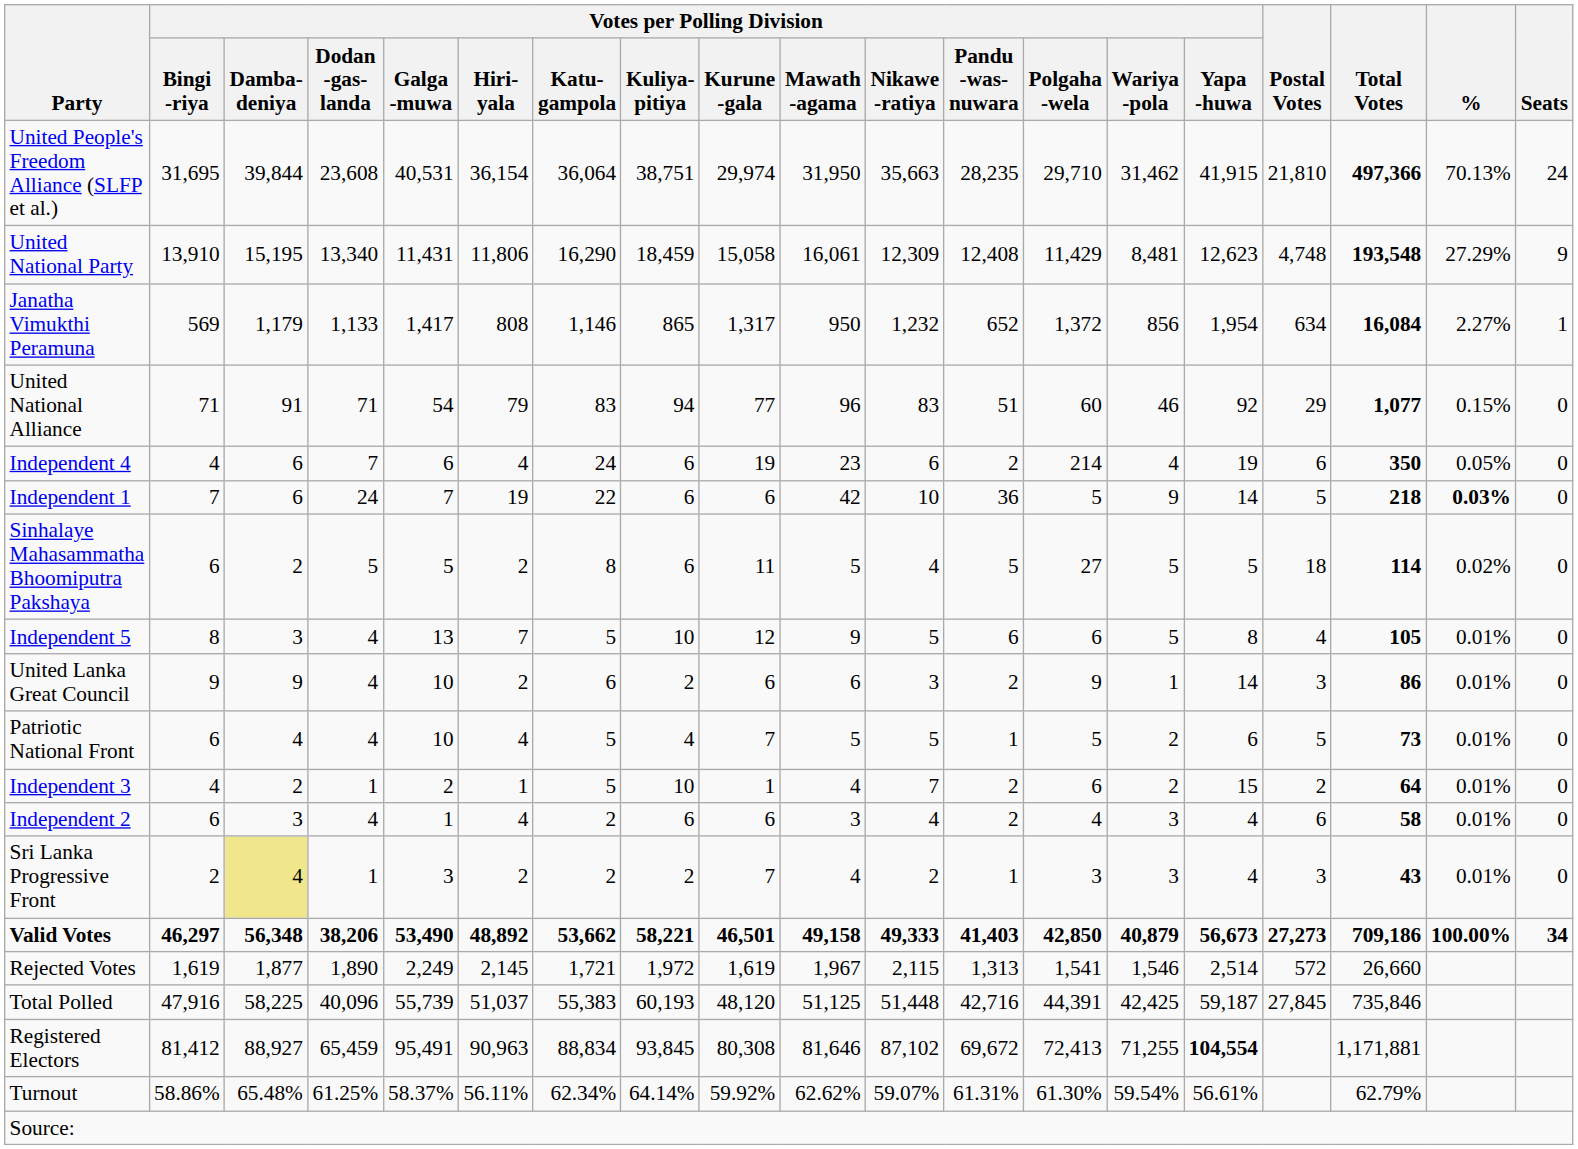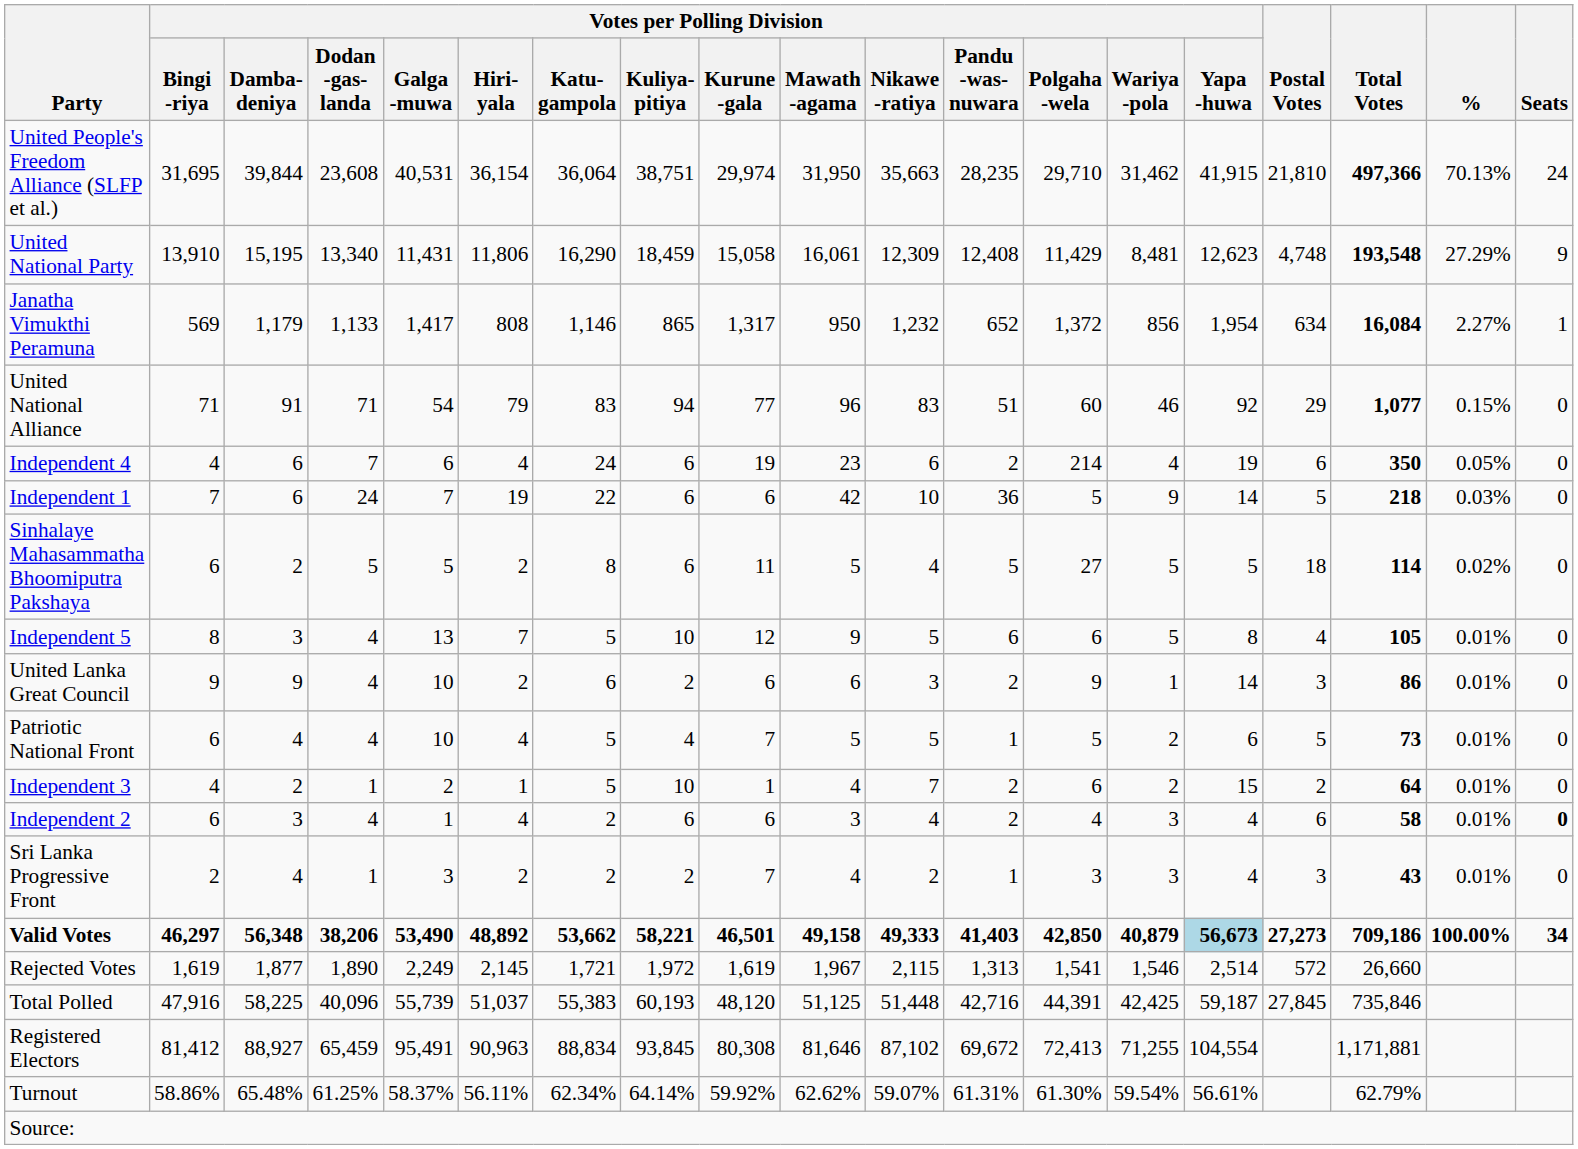 <table class="wikitable" border="1" style="text-align:right;">
 <tr>
 <th align=left valign=bottom rowspan=2 width="180">Party</th>
 <th colspan=14>Votes per Polling Division</th>
 <th align=center valign=bottom rowspan=2 width="50">Postal<br>Votes</th>
 <th align=center valign=bottom rowspan=2 width="50">Total Votes</th>
 <th align=center valign=bottom rowspan=2 width="50">%</th>
 <th align=center valign=bottom rowspan=2 width="40">Seats</th>
 </tr>
 <tr>
 <th align=center valign=bottom width="50">Bingi<br>-riya</th>
 <th align=center valign=bottom width="50">Damba-<br>deniya</th>
 <th align=center valign=bottom width="50">Dodan<br>-gas-<br>landa</th>
 <th align=center valign=bottom width="50">Galga<br>-muwa</th>
 <th align=center valign=bottom width="50">Hiri-<br>yala</th>
 <th align=center valign=bottom width="50">Katu-<br>gampola</th>
 <th align=center valign=bottom width="50">Kuliya-<br>pitiya</th>
 <th align=center valign=bottom width="50">Kurune<br>-gala</th>
 <th align=center valign=bottom width="50">Mawath<br>-agama</th>
 <th align=center valign=bottom width="50">Nikawe<br>-ratiya</th>
 <th align=center valign=bottom width="50">Pandu<br>-was-<br>nuwara</th>
 <th align=center valign=bottom width="50">Polgaha<br>-wela</th>
 <th align=center valign=bottom width="50">Wariya<br>-pola</th>
 <th align=center valign=bottom width="50">Yapa<br>-huwa</th>
 </tr>
 <tr>
 <td align=left><a href='#'>United People's Freedom Alliance</a> (<a href='#'>SLFP</a> et al.)</td>
 <td>31,695</td>
 <td>39,844</td>
 <td>23,608</td>
 <td>40,531</td>
 <td>36,154</td>
 <td>36,064</td>
 <td>38,751</td>
 <td>29,974</td>
 <td>31,950</td>
 <td>35,663</td>
 <td>28,235</td>
 <td>29,710</td>
 <td>31,462</td>
 <td>41,915</td>
 <td>21,810</td>
 <td><strong>497,366</strong></td>
 <td>70.13%</td>
 <td>24</td>
 </tr>
 <tr>
 <td align=left><a href='#'>United National Party</a></td>
 <td>13,910</td>
 <td>15,195</td>
 <td>13,340</td>
 <td>11,431</td>
 <td>11,806</td>
 <td>16,290</td>
 <td>18,459</td>
 <td>15,058</td>
 <td>16,061</td>
 <td>12,309</td>
 <td>12,408</td>
 <td>11,429</td>
 <td>8,481</td>
 <td>12,623</td>
 <td>4,748</td>
 <td><strong>193,548</strong></td>
 <td>27.29%</td>
 <td>9</td>
 </tr>
 <tr>
 <td align=left><a href='#'>Janatha Vimukthi Peramuna</a></td>
 <td>569</td>
 <td>1,179</td>
 <td>1,133</td>
 <td>1,417</td>
 <td>808</td>
 <td>1,146</td>
 <td>865</td>
 <td>1,317</td>
 <td>950</td>
 <td>1,232</td>
 <td>652</td>
 <td>1,372</td>
 <td>856</td>
 <td>1,954</td>
 <td>634</td>
 <td><strong>16,084</strong></td>
 <td>2.27%</td>
 <td>1</td>
 </tr>
 <tr>
 <td align=left>United National Alliance</td>
 <td>71</td>
 <td>91</td>
 <td>71</td>
 <td>54</td>
 <td>79</td>
 <td>83</td>
 <td>94</td>
 <td>77</td>
 <td>96</td>
 <td>83</td>
 <td>51</td>
 <td>60</td>
 <td>46</td>
 <td>92</td>
 <td>29</td>
 <td><strong>1,077</strong></td>
 <td>0.15%</td>
 <td>0</td>
 </tr>
 <tr>
 <td align=left><a href='#'>Independent 4</a></td>
 <td>4</td>
 <td>6</td>
 <td>7</td>
 <td>6</td>
 <td>4</td>
 <td>24</td>
 <td>6</td>
 <td>19</td>
 <td>23</td>
 <td>6</td>
 <td>2</td>
 <td>214</td>
 <td>4</td>
 <td>19</td>
 <td>6</td>
 <td><strong>350</strong></td>
 <td>0.05%</td>
 <td>0</td>
 </tr>
 <tr>
 <td align=left><a href='#'>Independent 1</a></td>
 <td>7</td>
 <td>6</td>
 <td>24</td>
 <td>7</td>
 <td>19</td>
 <td>22</td>
 <td>6</td>
 <td>6</td>
 <td>42</td>
 <td>10</td>
 <td>36</td>
 <td>5</td>
 <td>9</td>
 <td>14</td>
 <td>5</td>
 <td><strong>218</strong></td>
-<td><strong>0.03%</strong></td>
+<td>0.03%</td>
 <td>0</td>
 </tr>
 <tr>
 <td align=left><a href='#'>Sinhalaye Mahasammatha Bhoomiputra Pakshaya</a></td>
 <td>6</td>
 <td>2</td>
 <td>5</td>
 <td>5</td>
 <td>2</td>
 <td>8</td>
 <td>6</td>
 <td>11</td>
 <td>5</td>
 <td>4</td>
 <td>5</td>
 <td>27</td>
 <td>5</td>
 <td>5</td>
 <td>18</td>
 <td><strong>114</strong></td>
 <td>0.02%</td>
 <td>0</td>
 </tr>
 <tr>
 <td align=left><a href='#'>Independent 5</a></td>
 <td>8</td>
 <td>3</td>
 <td>4</td>
 <td>13</td>
 <td>7</td>
 <td>5</td>
 <td>10</td>
 <td>12</td>
 <td>9</td>
 <td>5</td>
 <td>6</td>
 <td>6</td>
 <td>5</td>
 <td>8</td>
 <td>4</td>
 <td><strong>105</strong></td>
 <td>0.01%</td>
 <td>0</td>
 </tr>
 <tr>
 <td align=left>United Lanka Great Council</td>
 <td>9</td>
 <td>9</td>
 <td>4</td>
 <td>10</td>
 <td>2</td>
 <td>6</td>
 <td>2</td>
 <td>6</td>
 <td>6</td>
 <td>3</td>
 <td>2</td>
 <td>9</td>
 <td>1</td>
 <td>14</td>
 <td>3</td>
 <td><strong>86</strong></td>
 <td>0.01%</td>
 <td>0</td>
 </tr>
 <tr>
 <td align=left>Patriotic National Front</td>
 <td>6</td>
 <td>4</td>
 <td>4</td>
 <td>10</td>
 <td>4</td>
 <td>5</td>
 <td>4</td>
 <td>7</td>
 <td>5</td>
 <td>5</td>
 <td>1</td>
 <td>5</td>
 <td>2</td>
 <td>6</td>
 <td>5</td>
 <td><strong>73</strong></td>
 <td>0.01%</td>
 <td>0</td>
 </tr>
 <tr>
 <td align=left><a href='#'>Independent 3</a></td>
 <td>4</td>
 <td>2</td>
 <td>1</td>
 <td>2</td>
 <td>1</td>
 <td>5</td>
 <td>10</td>
 <td>1</td>
 <td>4</td>
 <td>7</td>
 <td>2</td>
 <td>6</td>
 <td>2</td>
 <td>15</td>
 <td>2</td>
 <td><strong>64</strong></td>
 <td>0.01%</td>
 <td>0</td>
 </tr>
 <tr>
 <td align=left><a href='#'>Independent 2</a></td>
 <td>6</td>
 <td>3</td>
 <td>4</td>
 <td>1</td>
 <td>4</td>
 <td>2</td>
 <td>6</td>
 <td>6</td>
 <td>3</td>
 <td>4</td>
 <td>2</td>
 <td>4</td>
 <td>3</td>
 <td>4</td>
 <td>6</td>
 <td><strong>58</strong></td>
 <td>0.01%</td>
-<td>0</td>
+<td><strong>0</strong></td>
 </tr>
 <tr>
 <td align=left>Sri Lanka Progressive Front</td>
 <td>2</td>
-<td style="background: khaki;">4</td>
+<td>4</td>
 <td>1</td>
 <td>3</td>
 <td>2</td>
 <td>2</td>
 <td>2</td>
 <td>7</td>
 <td>4</td>
 <td>2</td>
 <td>1</td>
 <td>3</td>
 <td>3</td>
 <td>4</td>
 <td>3</td>
 <td><strong>43</strong></td>
 <td>0.01%</td>
 <td>0</td>
 </tr>
 <tr>
 <td align=left><strong>Valid Votes</strong></td>
 <td><strong>46,297</strong></td>
 <td><strong>56,348</strong></td>
 <td><strong>38,206</strong></td>
 <td><strong>53,490</strong></td>
 <td><strong>48,892</strong></td>
 <td><strong>53,662</strong></td>
 <td><strong>58,221</strong></td>
 <td><strong>46,501</strong></td>
 <td><strong>49,158</strong></td>
 <td><strong>49,333</strong></td>
 <td><strong>41,403</strong></td>
 <td><strong>42,850</strong></td>
 <td><strong>40,879</strong></td>
-<td><strong>56,673</strong></td>
+<td style="background: lightblue;"><strong>56,673</strong></td>
 <td><strong>27,273</strong></td>
 <td><strong>709,186</strong></td>
 <td><strong>100.00%</strong></td>
 <td><strong>34</strong></td>
 </tr>
 <tr>
 <td align=left>Rejected Votes</td>
 <td>1,619</td>
 <td>1,877</td>
 <td>1,890</td>
 <td>2,249</td>
 <td>2,145</td>
 <td>1,721</td>
 <td>1,972</td>
 <td>1,619</td>
 <td>1,967</td>
 <td>2,115</td>
 <td>1,313</td>
 <td>1,541</td>
 <td>1,546</td>
 <td>2,514</td>
 <td>572</td>
 <td>26,660</td>
 <td></td>
 <td></td>
 </tr>
 <tr>
 <td align=left>Total Polled</td>
 <td>47,916</td>
 <td>58,225</td>
 <td>40,096</td>
 <td>55,739</td>
 <td>51,037</td>
 <td>55,383</td>
 <td>60,193</td>
 <td>48,120</td>
 <td>51,125</td>
 <td>51,448</td>
 <td>42,716</td>
 <td>44,391</td>
 <td>42,425</td>
 <td>59,187</td>
 <td>27,845</td>
 <td>735,846</td>
 <td></td>
 <td></td>
 </tr>
 <tr>
 <td align=left>Registered Electors</td>
 <td>81,412</td>
 <td>88,927</td>
 <td>65,459</td>
 <td>95,491</td>
 <td>90,963</td>
 <td>88,834</td>
 <td>93,845</td>
 <td>80,308</td>
 <td>81,646</td>
 <td>87,102</td>
 <td>69,672</td>
 <td>72,413</td>
 <td>71,255</td>
-<td><strong>104,554</strong></td>
+<td>104,554</td>
 <td></td>
 <td>1,171,881</td>
 <td></td>
 <td></td>
 </tr>
 <tr>
 <td align=left>Turnout</td>
 <td>58.86%</td>
 <td>65.48%</td>
 <td>61.25%</td>
 <td>58.37%</td>
 <td>56.11%</td>
 <td>62.34%</td>
 <td>64.14%</td>
 <td>59.92%</td>
 <td>62.62%</td>
 <td>59.07%</td>
 <td>61.31%</td>
 <td>61.30%</td>
 <td>59.54%</td>
 <td>56.61%</td>
 <td></td>
 <td>62.79%</td>
 <td></td>
 <td></td>
 </tr>
 <tr>
 <td align=left colspan=20>Source:</td>
 </tr>
 </table>
